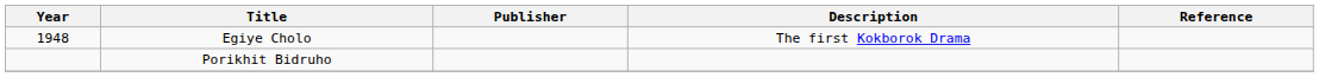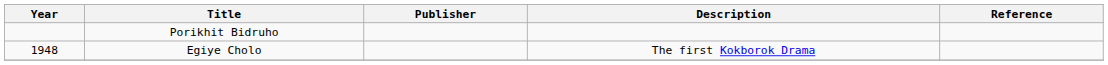 <table class="wikitable" style="text-align:center; width:100%; margin:auto;">
 <tr>
 <th>Year</th>
 <th>Title</th>
 <th>Publisher</th>
 <th>Description</th>
 <th>Reference</th>
 </tr>
 <tr>
+<td></td>
+<td>Porikhit Bidruho</td>
+<td></td>
+<td></td>
+<td></td>
+</tr>
+<tr>
 <td>1948</td>
 <td>Egiye Cholo</td>
 <td></td>
 <td>The first <a href='#'>Kokborok Drama</a></td>
 <td></td>
 </tr>
 <tr>
-<td></td>
-<td>Porikhit Bidruho</td>
-<td></td>
-<td></td>
-<td></td>
-</tr>
-<tr>
 </tr>
 </table>
